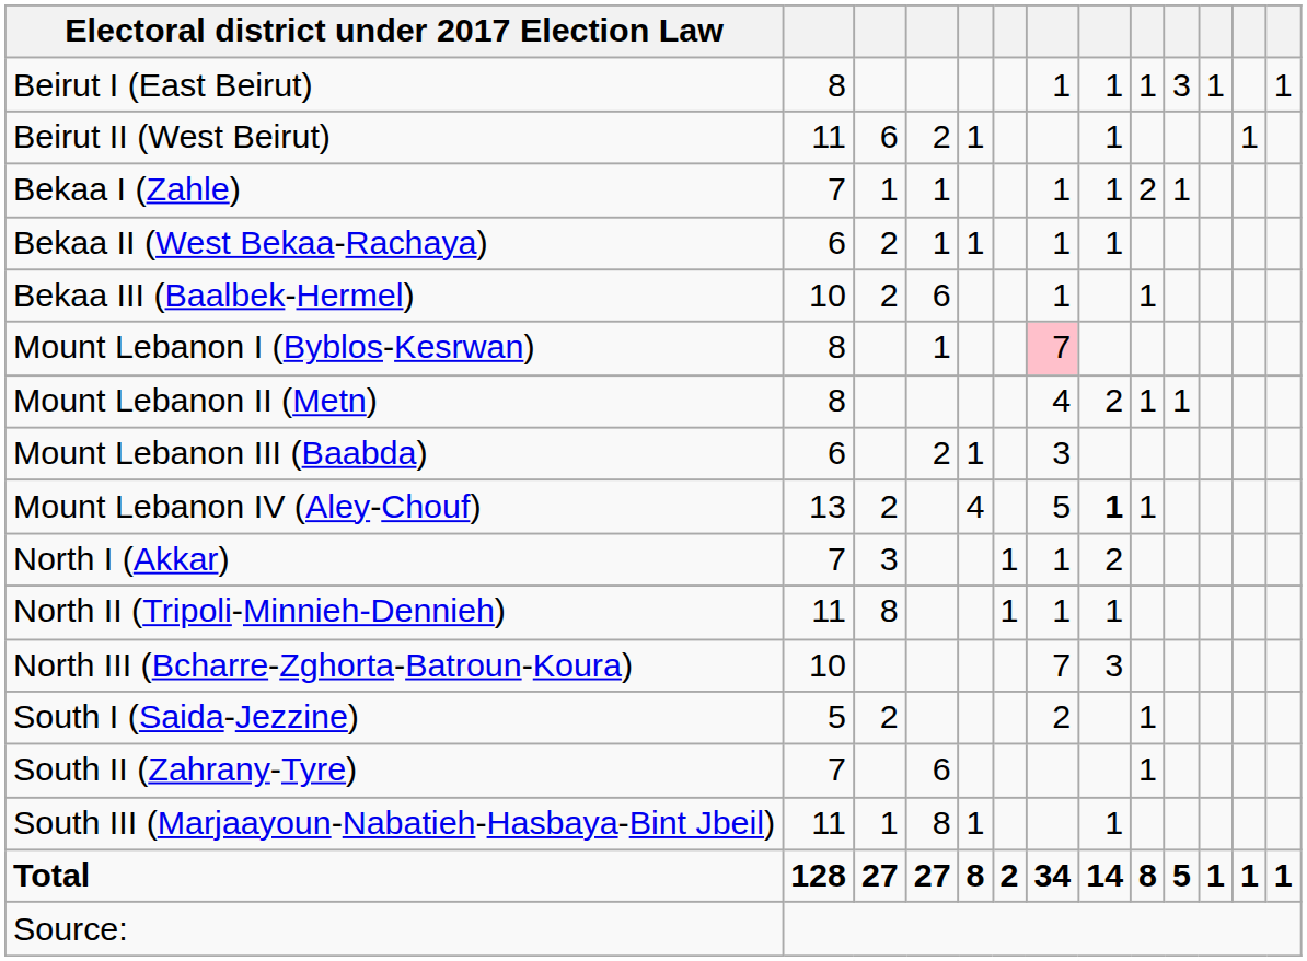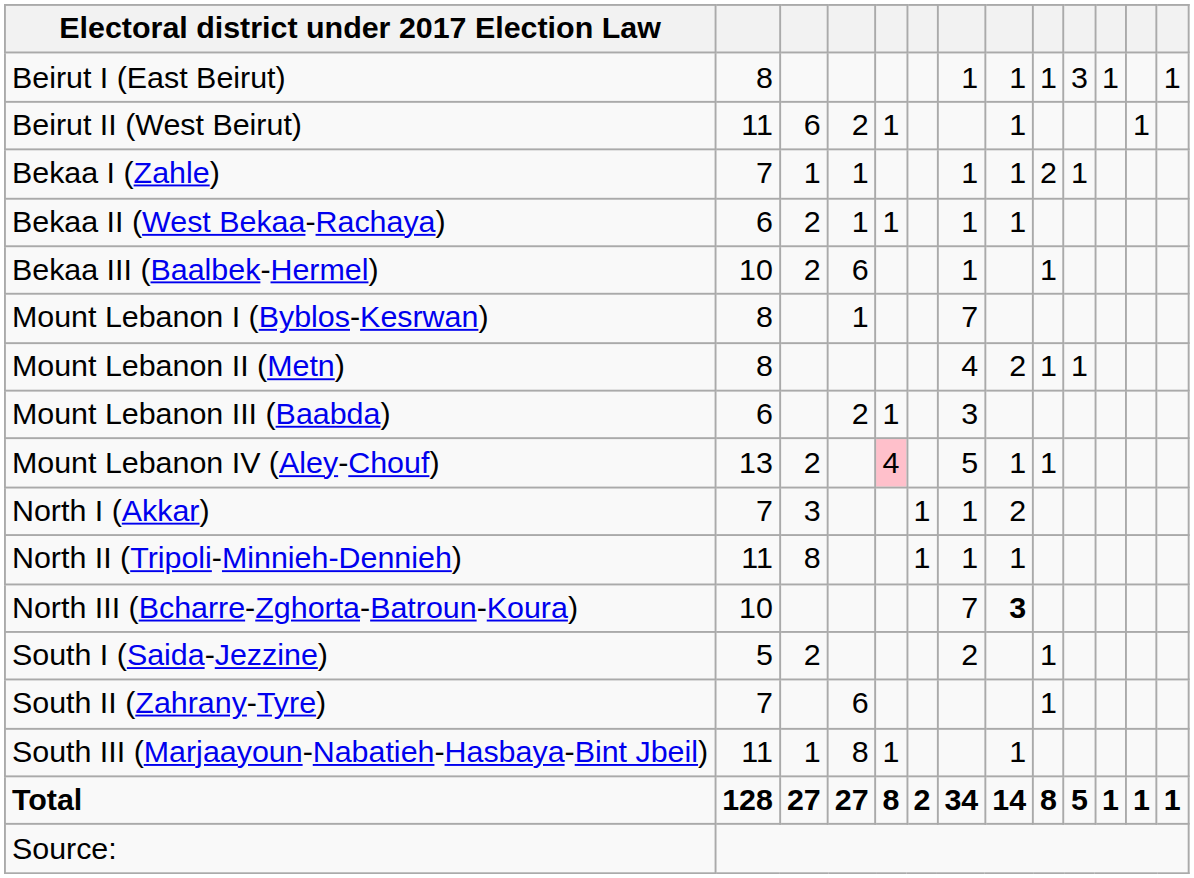 <table class="wikitable sortable" style="text-align:right">
 <tr>
 <th>Electoral district under 2017 Election Law</th>
 <th></th>
 <th></th>
 <th></th>
 <th></th>
 <th></th>
 <th></th>
 <th></th>
 <th></th>
 <th></th>
 <th></th>
 <th></th>
 <th></th>
 </tr>
 <tr>
 <td align="left">Beirut I (East Beirut)</td>
 <td>8</td>
 <td></td>
 <td></td>
 <td></td>
 <td></td>
 <td>1</td>
 <td>1</td>
 <td>1</td>
 <td>3</td>
 <td>1</td>
 <td></td>
 <td>1</td>
 </tr>
 <tr>
 <td align="left">Beirut II (West Beirut)</td>
 <td>11</td>
 <td>6</td>
 <td>2</td>
 <td>1</td>
 <td></td>
 <td></td>
 <td>1</td>
 <td></td>
 <td></td>
 <td></td>
 <td>1</td>
 <td></td>
 </tr>
 <tr>
 <td align="left">Bekaa I (<a href='#'>Zahle</a>)</td>
 <td>7</td>
 <td>1</td>
 <td>1</td>
 <td></td>
 <td></td>
 <td>1</td>
 <td>1</td>
 <td>2</td>
 <td>1</td>
 <td></td>
 <td></td>
 <td></td>
 </tr>
 <tr>
 <td align="left">Bekaa II (<a href='#'>West Bekaa</a>-<a href='#'>Rachaya</a>)</td>
 <td>6</td>
 <td>2</td>
 <td>1</td>
 <td>1</td>
 <td></td>
 <td>1</td>
 <td>1</td>
 <td></td>
 <td></td>
 <td></td>
 <td></td>
 <td></td>
 </tr>
 <tr>
 <td align="left">Bekaa III (<a href='#'>Baalbek</a>-<a href='#'>Hermel</a>)</td>
 <td>10</td>
 <td>2</td>
 <td>6</td>
 <td></td>
 <td></td>
 <td>1</td>
 <td></td>
 <td>1</td>
 <td></td>
 <td></td>
 <td></td>
 <td></td>
 </tr>
 <tr>
 <td align="left">Mount Lebanon I (<a href='#'>Byblos</a>-<a href='#'>Kesrwan</a>)</td>
 <td>8</td>
 <td></td>
 <td>1</td>
 <td></td>
 <td></td>
-<td style="background: pink;">7</td>
+<td>7</td>
 <td></td>
 <td></td>
 <td></td>
 <td></td>
 <td></td>
 <td></td>
 </tr>
 <tr>
 <td align="left">Mount Lebanon II (<a href='#'>Metn</a>)</td>
 <td>8</td>
 <td></td>
 <td></td>
 <td></td>
 <td></td>
 <td>4</td>
 <td>2</td>
 <td>1</td>
 <td>1</td>
 <td></td>
 <td></td>
 <td></td>
 </tr>
 <tr>
 <td align="left">Mount Lebanon III (<a href='#'>Baabda</a>)</td>
 <td>6</td>
 <td></td>
 <td>2</td>
 <td>1</td>
 <td></td>
 <td>3</td>
 <td></td>
 <td></td>
 <td></td>
 <td></td>
 <td></td>
 <td></td>
 </tr>
 <tr>
 <td align="left">Mount Lebanon IV (<a href='#'>Aley</a>-<a href='#'>Chouf</a>)</td>
 <td>13</td>
 <td>2</td>
 <td></td>
-<td>4</td>
+<td style="background: pink;">4</td>
 <td></td>
 <td>5</td>
-<td><strong>1</strong></td>
+<td>1</td>
 <td>1</td>
 <td></td>
 <td></td>
 <td></td>
 <td></td>
 </tr>
 <tr>
 <td align="left">North I (<a href='#'>Akkar</a>)</td>
 <td>7</td>
 <td>3</td>
 <td></td>
 <td></td>
 <td>1</td>
 <td>1</td>
 <td>2</td>
 <td></td>
 <td></td>
 <td></td>
 <td></td>
 <td></td>
 </tr>
 <tr>
 <td align="left">North II (<a href='#'>Tripoli</a>-<a href='#'>Minnieh-Dennieh</a>)</td>
 <td>11</td>
 <td>8</td>
 <td></td>
 <td></td>
 <td>1</td>
 <td>1</td>
 <td>1</td>
 <td></td>
 <td></td>
 <td></td>
 <td></td>
 <td></td>
 </tr>
 <tr>
 <td align="left">North III (<a href='#'>Bcharre</a>-<a href='#'>Zghorta</a>-<a href='#'>Batroun</a>-<a href='#'>Koura</a>)</td>
 <td>10</td>
 <td></td>
 <td></td>
 <td></td>
 <td></td>
 <td>7</td>
-<td>3</td>
+<td><strong>3</strong></td>
 <td></td>
 <td></td>
 <td></td>
 <td></td>
 <td></td>
 </tr>
 <tr>
 <td align="left">South I (<a href='#'>Saida</a>-<a href='#'>Jezzine</a>)</td>
 <td>5</td>
 <td>2</td>
 <td></td>
 <td></td>
 <td></td>
 <td>2</td>
 <td></td>
 <td>1</td>
 <td></td>
 <td></td>
 <td></td>
 <td></td>
 </tr>
 <tr>
 <td align="left">South II (<a href='#'>Zahrany</a>-<a href='#'>Tyre</a>)</td>
 <td>7</td>
 <td></td>
 <td>6</td>
 <td></td>
 <td></td>
 <td></td>
 <td></td>
 <td>1</td>
 <td></td>
 <td></td>
 <td></td>
 <td></td>
 </tr>
 <tr>
 <td align="left">South III (<a href='#'>Marjaayoun</a>-<a href='#'>Nabatieh</a>-<a href='#'>Hasbaya</a>-<a href='#'>Bint Jbeil</a>)</td>
 <td>11</td>
 <td>1</td>
 <td>8</td>
 <td>1</td>
 <td></td>
 <td></td>
 <td>1</td>
 <td></td>
 <td></td>
 <td></td>
 <td></td>
 <td></td>
 </tr>
 <tr>
 <td align="left"><strong>Total</strong></td>
 <td><strong>128</strong></td>
 <td><strong>27</strong></td>
 <td><strong>27</strong></td>
 <td><strong>8</strong></td>
 <td><strong>2</strong></td>
 <td><strong>34</strong></td>
 <td><strong>14</strong></td>
 <td><strong>8</strong></td>
 <td><strong>5</strong></td>
 <td><strong>1</strong></td>
 <td><strong>1</strong></td>
 <td><strong>1</strong></td>
 </tr>
 <tr>
 <td style="text-align:left;">Source: </td>
 </tr>
 </table>
